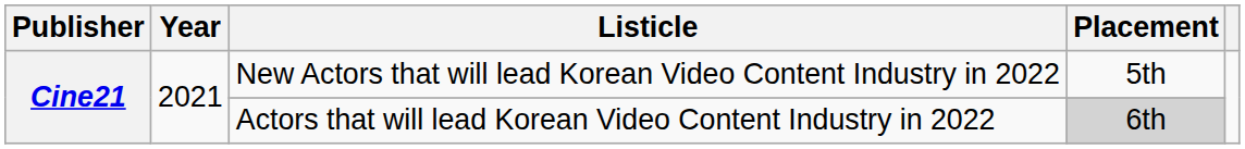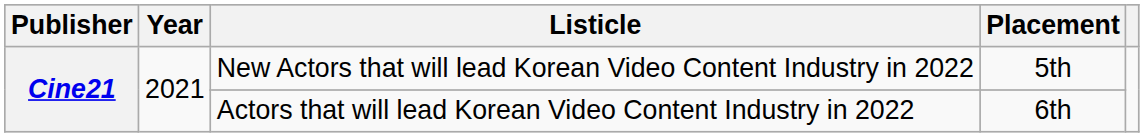 <table class="wikitable plainrowheaders sortable" style="text-align:center">
 <tr>
 <th scope="col">Publisher</th>
 <th scope="col">Year</th>
 <th scope="col">Listicle</th>
 <th scope="col">Placement</th>
 <th scope="col" class="unsortable"></th>
 </tr>
 <tr>
 <th scope="row" rowspan="2"><em><a href='#'>Cine21</a></em></th>
 <td rowspan="2">2021</td>
 <td style="text-align:left">New Actors that will lead Korean Video Content Industry in 2022</td>
 <td>5th</td>
 <td rowspan="2"></td>
 </tr>
 <tr>
 <td style="text-align:left">Actors that will lead Korean Video Content Industry in 2022</td>
-<td style="background: lightgrey;">6th</td>
+<td>6th</td>
 </tr>
 </table>
